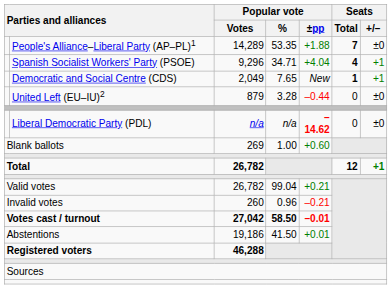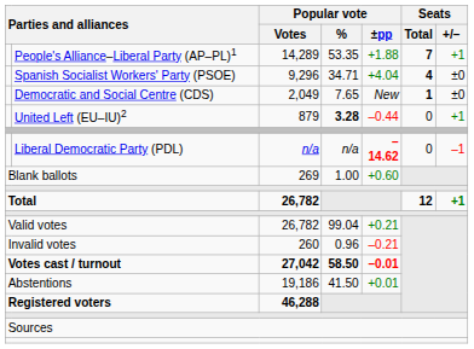 <table class="wikitable" style="text-align:right;">
 <tr>
 <th style="text-align:left;" rowspan="2" colspan="2" width="525">Parties and alliances</th>
 <th colspan="3">Popular vote</th>
 <th colspan="2">Seats</th>
 </tr>
 <tr>
 <th width="75">Votes</th>
 <th width="45">%</th>
 <th width="45">±<a href='#'>pp</a></th>
 <th width="35">Total</th>
 <th width="35">+/−</th>
 </tr>
 <tr>
 <td width="1" style="color:inherit;background:"></td>
 <td align="left"><a href='#'>People's Alliance</a>–<a href='#'>Liberal Party</a> (AP–PL)<sup>1</sup></td>
 <td>14,289</td>
 <td>53.35</td>
 <td style="color:green;">+1.88</td>
 <td><strong>7</strong></td>
-<td>±0</td>
+<td style="color:green;">+1</td>
 </tr>
 <tr>
 <td style="color:inherit;background:"></td>
 <td align="left"><a href='#'>Spanish Socialist Workers' Party</a> (PSOE)</td>
 <td>9,296</td>
 <td>34.71</td>
 <td style="color:green;">+4.04</td>
 <td><strong>4</strong></td>
-<td style="color:green;">+1</td>
+<td>±0</td>
 </tr>
 <tr>
 <td style="color:inherit;background:"></td>
 <td align="left"><a href='#'>Democratic and Social Centre</a> (CDS)</td>
 <td>2,049</td>
 <td>7.65</td>
 <td><em>New</em></td>
 <td><strong>1</strong></td>
-<td style="color:green;">+1</td>
+<td>±0</td>
 </tr>
 <tr>
 <td style="color:inherit;background:"></td>
 <td align="left"><a href='#'>United Left</a> (EU–IU)<sup>2</sup></td>
 <td>879</td>
-<td>3.28</td>
+<td><strong>3.28</strong></td>
 <td style="color:red;">–0.44</td>
 <td>0</td>
-<td>±0</td>
+<td style="color:green;">+1</td>
 </tr>
 <tr>
 <td colspan="7" bgcolor="#C0C0C0"></td>
 </tr>
 <tr>
 <td style="color:inherit;background:"></td>
 <td align="left"><a href='#'>Liberal Democratic Party</a> (PDL)</td>
 <td><em><a href='#'>n/a</a></em></td>
 <td><em>n/a</em></td>
 <td style="color:red;"><strong>–14.62</strong></td>
 <td>0</td>
-<td>±0</td>
+<td style="color:red;">–1</td>
 </tr>
 <tr>
 <td align="left" colspan="2">Blank ballots</td>
 <td>269</td>
 <td>1.00</td>
 <td style="color:green;">+0.60</td>
 <td bgcolor="#E9E9E9" colspan="2"></td>
 </tr>
 <tr>
 <td colspan="7" bgcolor="#E9E9E9"></td>
 </tr>
 <tr style="font-weight:bold;">
 <td align="left" colspan="2">Total</td>
 <td>26,782</td>
 <td bgcolor="#E9E9E9" colspan="2"></td>
 <td>12</td>
 <td style="color:green;">+1</td>
 </tr>
 <tr>
 <td colspan="7" bgcolor="#E9E9E9"></td>
 </tr>
 <tr>
 <td align="left" colspan="2">Valid votes</td>
 <td>26,782</td>
 <td>99.04</td>
 <td style="color:green;">+0.21</td>
 <td bgcolor="#E9E9E9" colspan="2" rowspan="5"></td>
 </tr>
 <tr>
 <td align="left" colspan="2">Invalid votes</td>
 <td>260</td>
 <td>0.96</td>
 <td style="color:red;">–0.21</td>
 </tr>
 <tr style="font-weight:bold;">
 <td align="left" colspan="2">Votes cast / turnout</td>
 <td>27,042</td>
 <td>58.50</td>
 <td style="color:red;">–0.01</td>
 </tr>
 <tr>
 <td align="left" colspan="2">Abstentions</td>
 <td>19,186</td>
 <td>41.50</td>
 <td style="color:green;">+0.01</td>
 </tr>
 <tr style="font-weight:bold;">
 <td align="left" colspan="2">Registered voters</td>
 <td>46,288</td>
 <td bgcolor="#E9E9E9" colspan="2"></td>
 </tr>
 <tr>
 <td colspan="7" bgcolor="#E9E9E9"></td>
 </tr>
 <tr>
 <td align="left" colspan="7">Sources</td>
 </tr>
 <tr>
 <td colspan="7" style="text-align:left; max-width:790px;"></td>
 </tr>
 </table>
